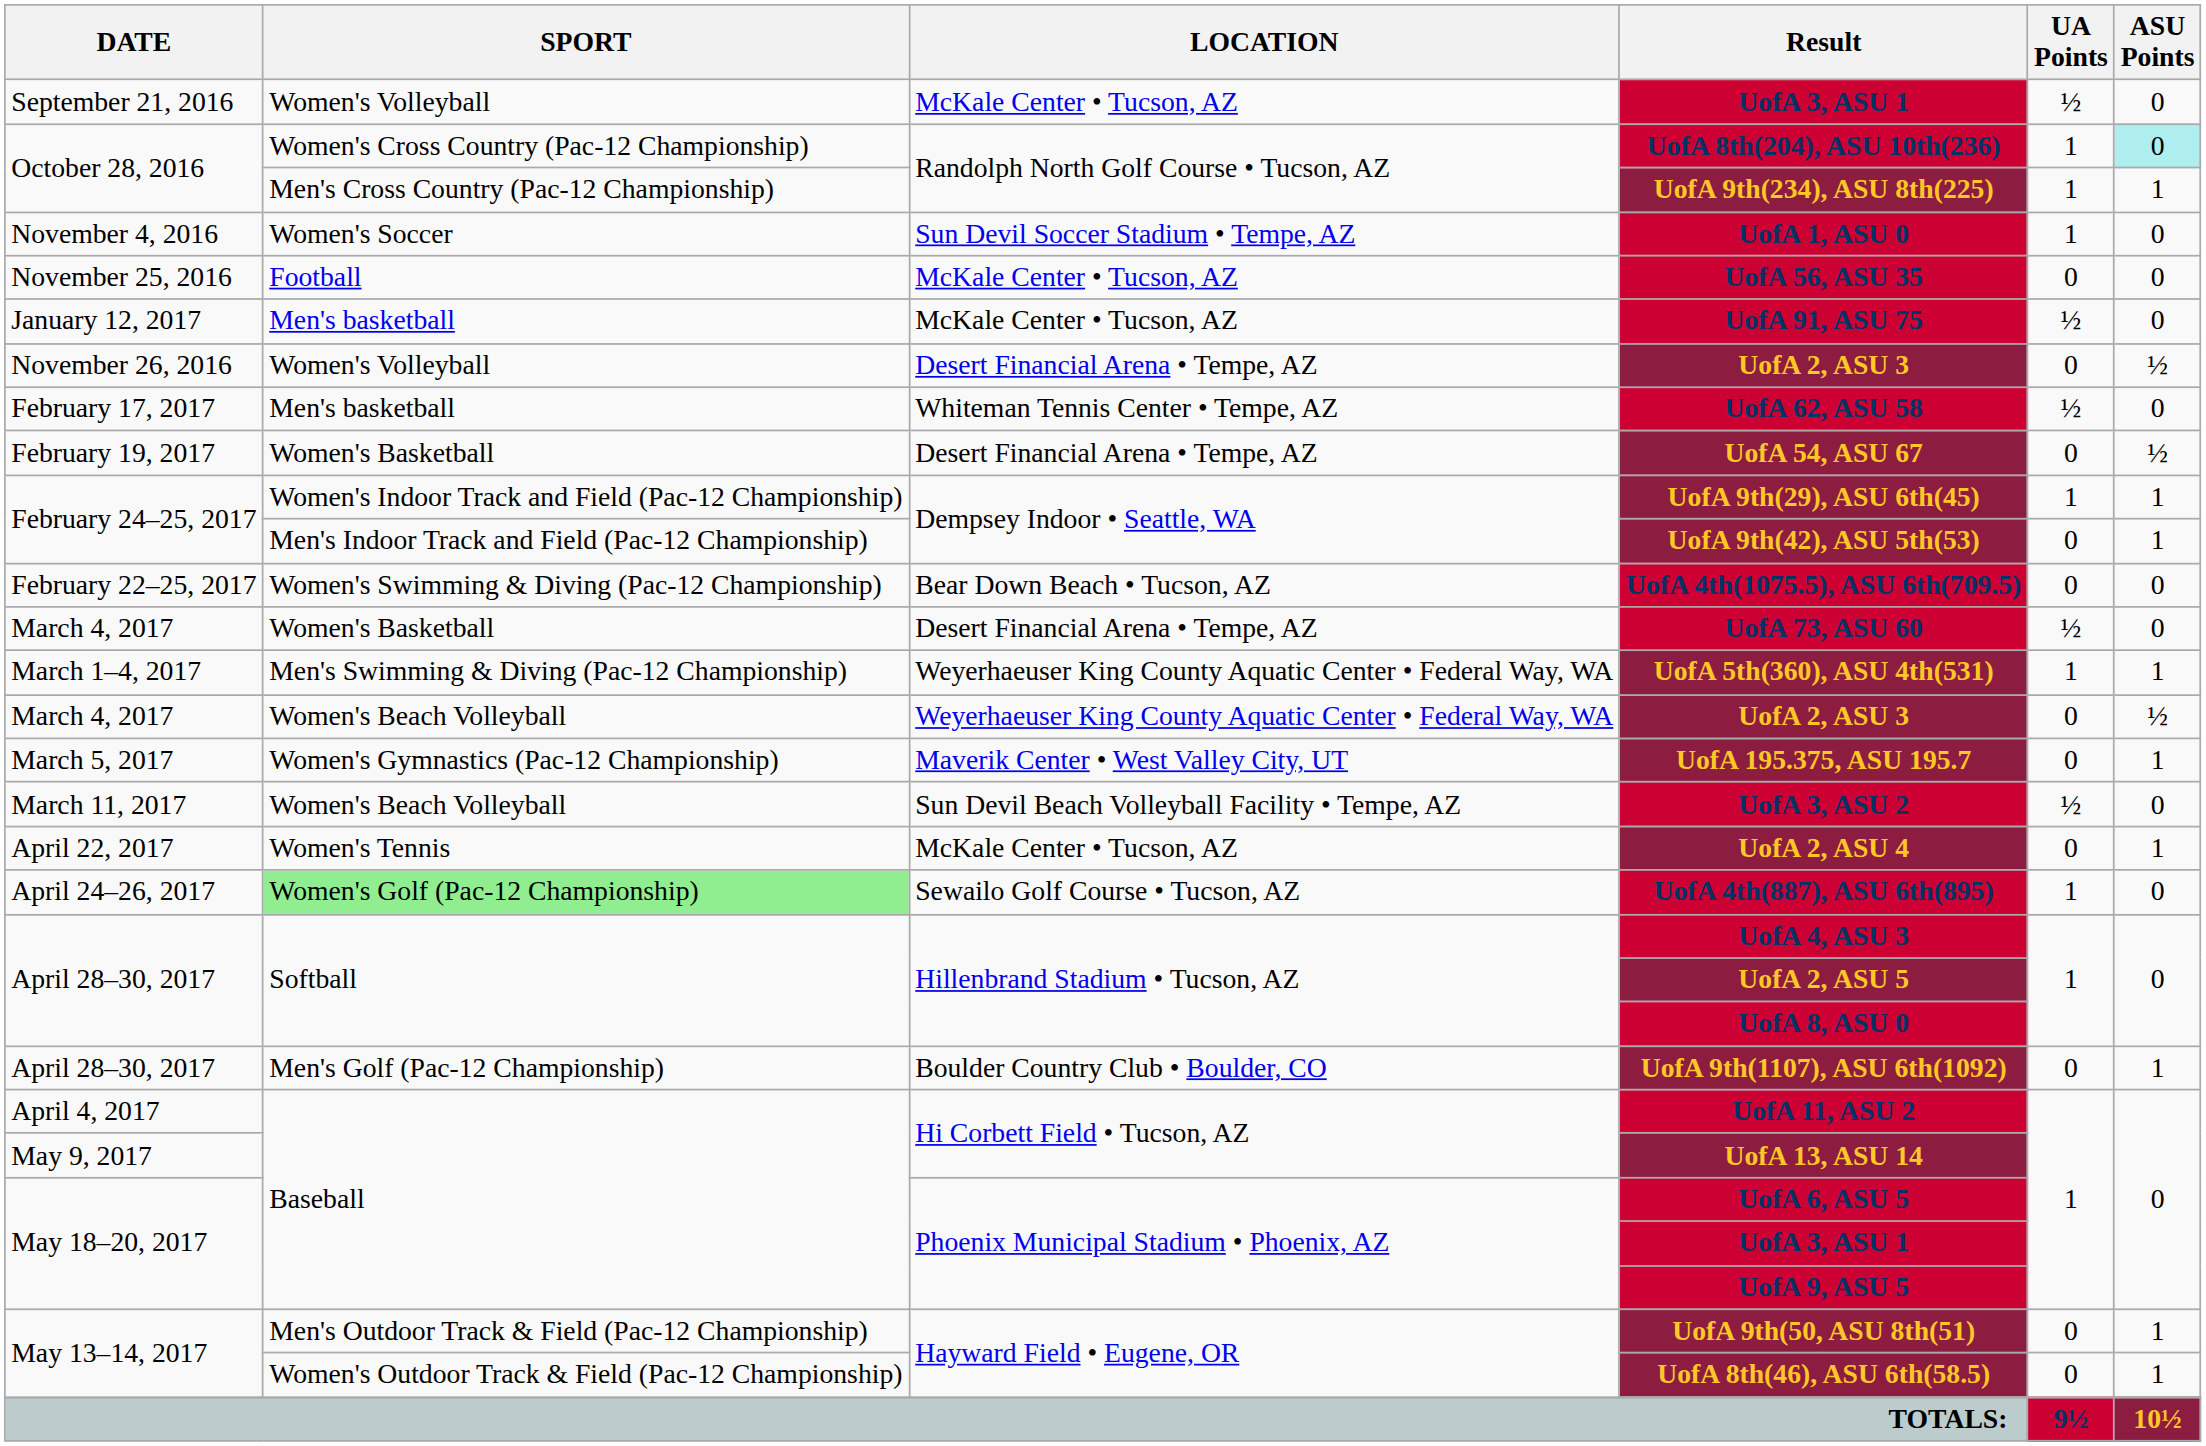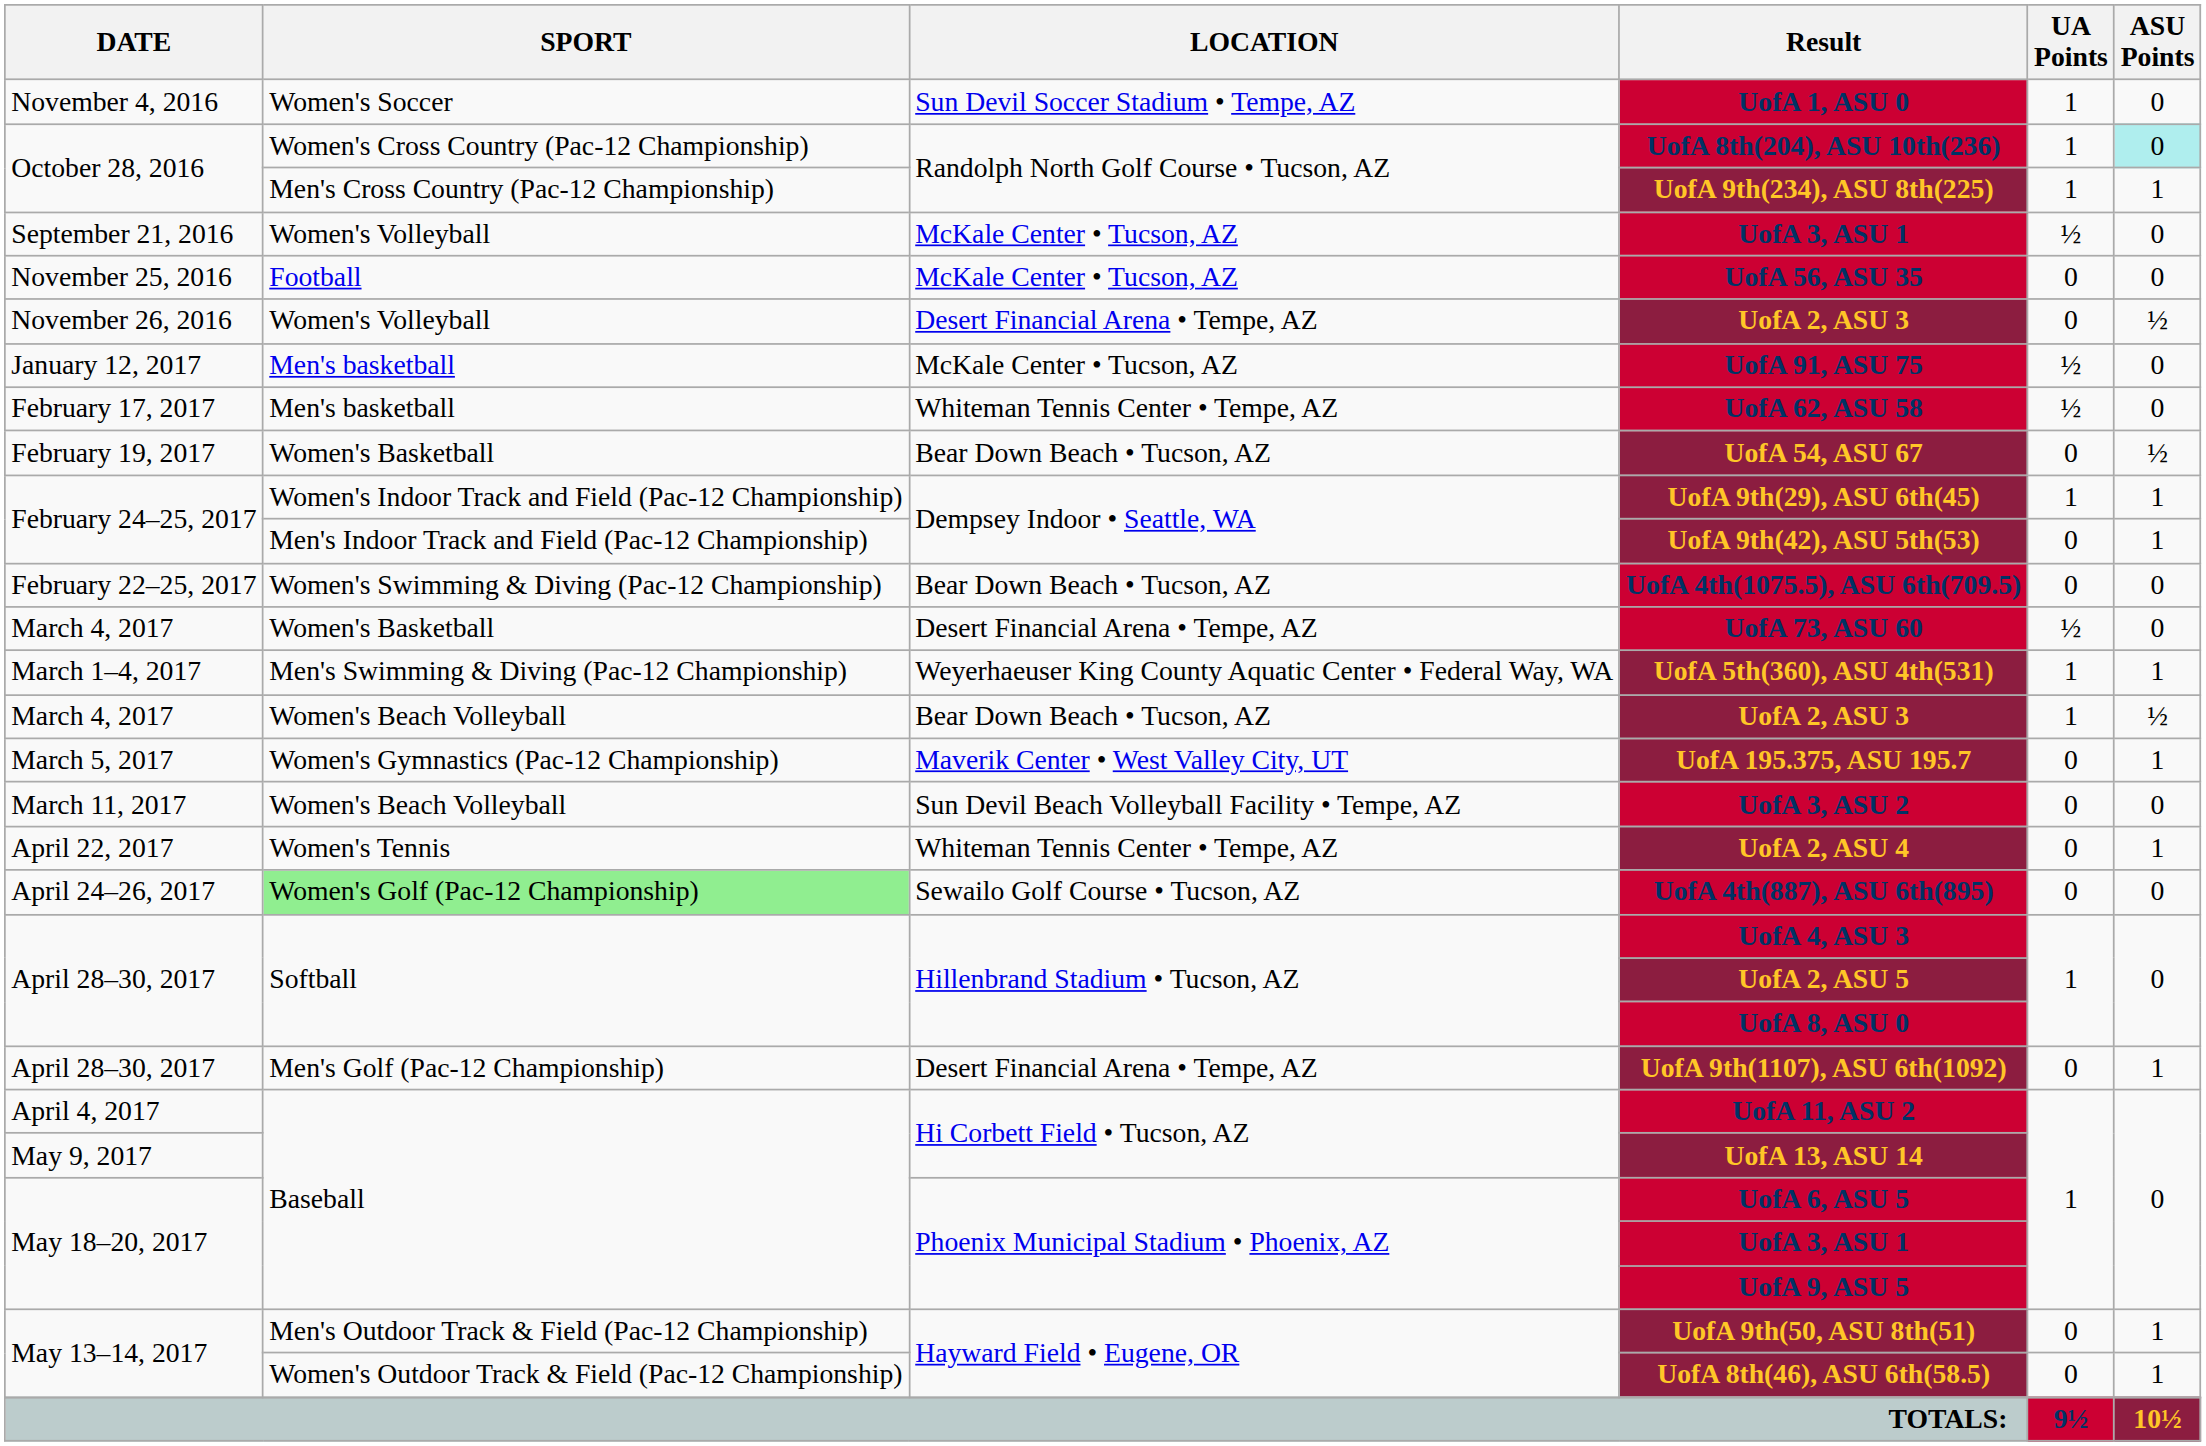 <table class=wikitable>
 <tr>
 <th>DATE</th>
 <th>SPORT</th>
 <th>LOCATION</th>
 <th>Result</th>
 <th>UA<br>Points</th>
 <th>ASU<br>Points</th>
 </tr>
 <tr>
-<td>September 21, 2016</td>
-<td>Women's Volleyball</td>
-<td><a href='#'>McKale Center</a> • <a href='#'>Tucson, AZ</a></td>
-<th style="background:#CC0033; color:#003366;">UofA 3, ASU 1</th>
-<td align="center">½</td>
+<td>November 4, 2016</td>
+<td>Women's Soccer</td>
+<td><a href='#'>Sun Devil Soccer Stadium</a> • <a href='#'>Tempe, AZ</a></td>
+<th style="background:#CC0033; color:#003366;">UofA 1, ASU 0</th>
+<td align="center">1</td>
 <td align="center">0</td>
 </tr>
 <tr>
 <td rowspan=2>October 28, 2016</td>
 <td>Women's Cross Country (Pac-12 Championship)</td>
 <td rowspan=2>Randolph North Golf Course • Tucson, AZ</td>
 <th style="background:#CC0033; color:#003366;">UofA 8th(204), ASU 10th(236)</th>
 <td align="center">1</td>
 <td align="center" style="background: paleturquoise;">0</td>
 </tr>
 <tr>
 <td>Men's Cross Country (Pac-12 Championship)</td>
 <th style="background:#8C1D40; color:#FFC627;">UofA 9th(234), ASU 8th(225)</th>
 <td align="center">1</td>
 <td align="center">1</td>
 </tr>
 <tr>
-<td>November 4, 2016</td>
-<td>Women's Soccer</td>
-<td><a href='#'>Sun Devil Soccer Stadium</a> • <a href='#'>Tempe, AZ</a></td>
-<th style="background:#CC0033; color:#003366;">UofA 1, ASU 0</th>
-<td align="center">1</td>
+<td>September 21, 2016</td>
+<td>Women's Volleyball</td>
+<td><a href='#'>McKale Center</a> • <a href='#'>Tucson, AZ</a></td>
+<th style="background:#CC0033; color:#003366;">UofA 3, ASU 1</th>
+<td align="center">½</td>
 <td align="center">0</td>
 </tr>
 <tr>
 <td>November 25, 2016</td>
 <td><a href='#'>Football</a></td>
 <td><a href='#'>McKale Center</a> • <a href='#'>Tucson, AZ</a></td>
 <th style="background:#CC0033; color:#003366;">UofA 56, ASU 35</th>
 <td align="center">0</td>
 <td align="center">0</td>
 </tr>
 <tr>
+<td>November 26, 2016</td>
+<td>Women's Volleyball</td>
+<td><a href='#'>Desert Financial Arena</a> • Tempe, AZ</td>
+<th style="background:#8C1D40; color:#FFC627;">UofA 2, ASU 3</th>
+<td align="center">0</td>
+<td align="center">½</td>
+</tr>
+<tr>
 <td>January 12, 2017</td>
 <td><a href='#'>Men's basketball</a></td>
 <td>McKale Center • Tucson, AZ</td>
 <th style="background:#CC0033; color:#003366;">UofA 91, ASU 75</th>
 <td align="center">½</td>
 <td align="center">0</td>
-</tr>
-<tr>
-<td>November 26, 2016</td>
-<td>Women's Volleyball</td>
-<td><a href='#'>Desert Financial Arena</a> • Tempe, AZ</td>
-<th style="background:#8C1D40; color:#FFC627;">UofA 2, ASU 3</th>
-<td align="center">0</td>
-<td align="center">½</td>
 </tr>
 <tr>
 <td>February 17, 2017</td>
 <td>Men's basketball</td>
 <td>Whiteman Tennis Center • Tempe, AZ</td>
 <th style="background:#CC0033; color:#003366;">UofA 62, ASU 58</th>
 <td align="center">½</td>
 <td align="center">0</td>
 </tr>
 <tr>
 <td>February 19, 2017</td>
 <td>Women's Basketball</td>
-<td>Desert Financial Arena • Tempe, AZ</td>
+<td>Bear Down Beach • Tucson, AZ</td>
 <th style="background:#8C1D40; color:#FFC627;">UofA 54, ASU 67</th>
 <td align="center">0</td>
 <td align="center">½</td>
 </tr>
 <tr>
 <td rowspan=2>February 24–25, 2017</td>
 <td>Women's Indoor Track and Field (Pac-12 Championship)</td>
 <td rowspan=2>Dempsey Indoor • <a href='#'>Seattle, WA</a></td>
 <th style="background:#8C1D40; color:#FFC627;">UofA 9th(29), ASU 6th(45)</th>
 <td align="center">1</td>
 <td align="center">1</td>
 </tr>
 <tr>
 <td>Men's Indoor Track and Field (Pac-12 Championship)</td>
 <th style="background:#8C1D40; color:#FFC627;">UofA 9th(42), ASU 5th(53)</th>
 <td align="center">0</td>
 <td align="center">1</td>
 </tr>
 <tr>
 <td>February 22–25, 2017</td>
 <td>Women's Swimming & Diving (Pac-12 Championship)</td>
 <td>Bear Down Beach • Tucson, AZ</td>
 <th style="background:#CC0033; color:#003366;">UofA 4th(1075.5), ASU 6th(709.5)</th>
 <td align="center">0</td>
 <td align="center">0</td>
 </tr>
 <tr>
 <td>March 4, 2017</td>
 <td>Women's Basketball</td>
 <td>Desert Financial Arena • Tempe, AZ</td>
 <th style="background:#CC0033; color:#003366;">UofA 73, ASU 60</th>
 <td align="center">½</td>
 <td align="center">0</td>
 </tr>
 <tr>
 <td>March 1–4, 2017</td>
 <td>Men's Swimming & Diving (Pac-12 Championship)</td>
 <td>Weyerhaeuser King County Aquatic Center • Federal Way, WA</td>
 <th style="background:#8C1D40; color:#FFC627;">UofA 5th(360), ASU 4th(531)</th>
 <td align="center">1</td>
 <td align="center">1</td>
 </tr>
 <tr>
 <td>March 4, 2017</td>
 <td>Women's Beach Volleyball</td>
-<td><a href='#'>Weyerhaeuser King County Aquatic Center</a> • <a href='#'>Federal Way, WA</a></td>
+<td>Bear Down Beach • Tucson, AZ</td>
 <th style="background:#8C1D40; color:#FFC627;">UofA 2, ASU 3</th>
-<td align="center">0</td>
+<td align="center">1</td>
 <td align="center">½</td>
 </tr>
 <tr>
 <td>March 5, 2017</td>
 <td>Women's Gymnastics (Pac-12 Championship)</td>
 <td><a href='#'>Maverik Center</a> • <a href='#'>West Valley City, UT</a></td>
 <th style="background:#8C1D40; color:#FFC627;">UofA 195.375, ASU 195.7</th>
 <td align="center">0</td>
 <td align="center">1</td>
 </tr>
 <tr>
 <td>March 11, 2017</td>
 <td>Women's Beach Volleyball</td>
 <td>Sun Devil Beach Volleyball Facility • Tempe, AZ</td>
 <th style="background:#CC0033; color:#003366;">UofA 3, ASU 2</th>
-<td align="center">½</td>
+<td align="center">0</td>
 <td align="center">0</td>
 </tr>
 <tr>
 <td>April 22, 2017</td>
 <td>Women's Tennis</td>
-<td>McKale Center • Tucson, AZ</td>
+<td>Whiteman Tennis Center • Tempe, AZ</td>
 <th style="background:#8C1D40; color:#FFC627;">UofA 2, ASU 4</th>
 <td align="center">0</td>
 <td align="center">1</td>
 </tr>
 <tr>
 <td>April 24–26, 2017</td>
 <td style="background: lightgreen;">Women's Golf (Pac-12 Championship)</td>
 <td>Sewailo Golf Course • Tucson, AZ</td>
 <th style="background:#CC0033; color:#003366;">UofA 4th(887), ASU 6th(895)</th>
-<td align="center">1</td>
+<td align="center">0</td>
 <td align="center">0</td>
 </tr>
 <tr>
 <td rowspan="3">April 28–30, 2017</td>
 <td rowspan="3">Softball</td>
 <td rowspan="3"><a href='#'>Hillenbrand Stadium</a> • Tucson, AZ</td>
 <th style="background:#CC0033; color:#003366;">UofA 4, ASU 3</th>
 <td rowspan="3" align="center">1</td>
 <td rowspan="3" align="center">0</td>
 </tr>
 <tr>
 <th style="background:#8C1D40; color:#FFC627;">UofA 2, ASU 5</th>
 </tr>
 <tr>
 <th style="background:#CC0033; color:#003366;">UofA 8, ASU 0</th>
 </tr>
 <tr>
 <td>April 28–30, 2017</td>
 <td>Men's Golf (Pac-12 Championship)</td>
-<td>Boulder Country Club • <a href='#'>Boulder, CO</a></td>
+<td>Desert Financial Arena • Tempe, AZ</td>
 <th style="background:#8C1D40; color:#FFC627;">UofA 9th(1107), ASU 6th(1092)</th>
 <td align="center">0</td>
 <td align="center">1</td>
 </tr>
 <tr>
 <td>April 4, 2017</td>
 <td rowspan=5>Baseball</td>
 <td rowspan="2"><a href='#'>Hi Corbett Field</a> • Tucson, AZ</td>
 <th style="background:#CC0033; color:#003366;">UofA 11, ASU 2</th>
 <td rowspan="5" align="center">1</td>
 <td rowspan="5" align="center">0</td>
 </tr>
 <tr>
 <td>May 9, 2017</td>
 <th style="background:#8C1D40; color:#FFC627;">UofA 13, ASU 14</th>
 </tr>
 <tr>
 <td rowspan="3">May 18–20, 2017</td>
 <td rowspan="3"><a href='#'>Phoenix Municipal Stadium</a> • <a href='#'>Phoenix, AZ</a></td>
 <th style="background:#CC0033; color:#003366;">UofA 6, ASU 5</th>
 </tr>
 <tr>
 <th style="background:#CC0033; color:#003366;">UofA 3, ASU 1</th>
 </tr>
 <tr>
 <th style="background:#CC0033; color:#003366;">UofA 9, ASU 5</th>
 </tr>
 <tr>
 <td rowspan=2>May 13–14, 2017</td>
 <td>Men's Outdoor Track & Field (Pac-12 Championship)</td>
 <td rowspan=2><a href='#'>Hayward Field</a> • <a href='#'>Eugene, OR</a></td>
 <th style="background:#8C1D40; color:#FFC627;">UofA 9th(50, ASU 8th(51)</th>
 <td align="center">0</td>
 <td align="center">1</td>
 </tr>
 <tr>
 <td>Women's Outdoor Track & Field (Pac-12 Championship)</td>
 <th style="background:#8C1D40; color:#FFC627;">UofA 8th(46), ASU 6th(58.5)</th>
 <td align="center">0</td>
 <td align="center">1</td>
 </tr>
 <tr>
 </tr>
 <tr style="background:#bccccc;">
 <td colspan="4" style="text-align:right;"><strong>TOTALS:</strong>  </td>
 <th style="background:#CC0033; color:#003366;">9½</th>
 <th style="background:#8C1D40; color:#FFC627;">10½</th>
 </tr>
 </table>
